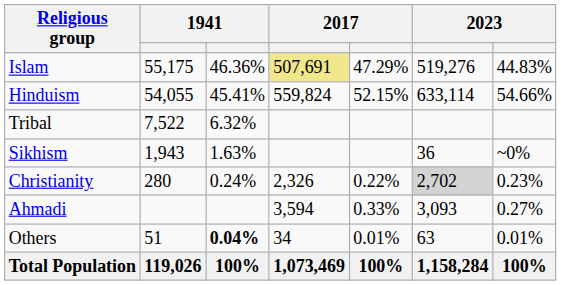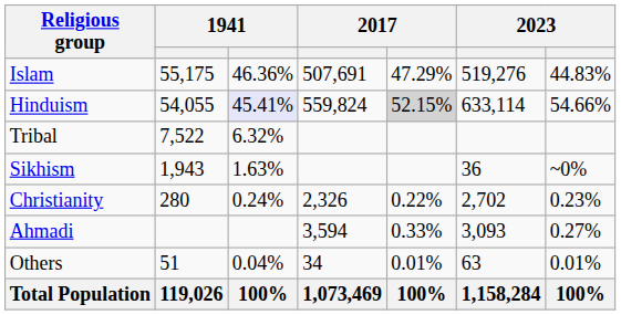 <table class="wikitable sortable">
 <tr>
 <th rowspan="2"><a href='#'>Religious</a><br>group</th>
 <th colspan="2">1941</th>
 <th colspan="2">2017</th>
 <th colspan="2">2023</th>
 </tr>
 <tr>
 <th><a href='#'></a></th>
 <th></th>
 <th></th>
 <th></th>
 <th></th>
 <th></th>
 </tr>
 <tr>
 <td><a href='#'>Islam</a> </td>
 <td>55,175</td>
 <td>46.36%</td>
-<td style="background: khaki;">507,691</td>
+<td>507,691</td>
 <td>47.29%</td>
 <td>519,276</td>
 <td>44.83%</td>
 </tr>
 <tr>
 <td><a href='#'>Hinduism</a> </td>
 <td>54,055</td>
-<td>45.41%</td>
+<td style="background: lavender;">45.41%</td>
 <td>559,824</td>
-<td>52.15%</td>
+<td style="background: lightgrey;">52.15%</td>
 <td>633,114</td>
 <td>54.66%</td>
 </tr>
 <tr>
 <td>Tribal</td>
 <td>7,522</td>
 <td>6.32%</td>
 <td></td>
 <td></td>
 <td></td>
 <td></td>
 </tr>
 <tr>
 <td><a href='#'>Sikhism</a> </td>
 <td>1,943</td>
 <td>1.63%</td>
 <td></td>
 <td></td>
 <td>36</td>
 <td>~0%</td>
 </tr>
 <tr>
 <td><a href='#'>Christianity</a> </td>
 <td>280</td>
 <td>0.24%</td>
 <td>2,326</td>
 <td>0.22%</td>
-<td style="background: lightgrey;">2,702</td>
+<td>2,702</td>
 <td>0.23%</td>
 </tr>
 <tr>
 <td><a href='#'>Ahmadi</a></td>
 <td></td>
 <td></td>
 <td>3,594</td>
 <td>0.33%</td>
 <td>3,093</td>
 <td>0.27%</td>
 </tr>
 <tr>
 <td>Others </td>
 <td>51</td>
-<td><strong>0.04%</strong></td>
+<td>0.04%</td>
 <td>34</td>
 <td>0.01%</td>
 <td>63</td>
 <td>0.01%</td>
 </tr>
 <tr>
 <th>Total Population</th>
 <th>119,026</th>
 <th>100%</th>
 <th>1,073,469</th>
 <th>100%</th>
 <th>1,158,284</th>
 <th>100%</th>
 </tr>
 </table>
